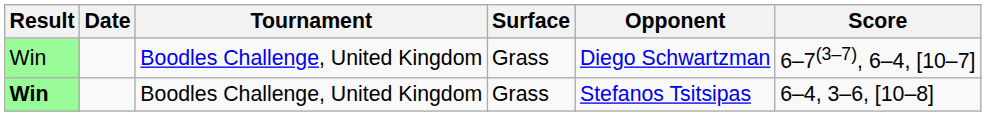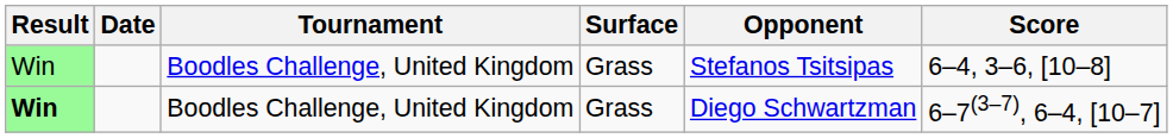 <table class="sortable wikitable">
 <tr>
 <th>Result</th>
 <th>Date</th>
 <th>Tournament</th>
 <th>Surface</th>
 <th>Opponent</th>
 <th class="unsortable">Score</th>
 </tr>
 <tr>
 <td bgcolor=98FB98>Win</td>
 <td></td>
 <td><a href='#'>Boodles Challenge</a>, United Kingdom</td>
 <td>Grass</td>
-<td> <a href='#'>Diego Schwartzman</a></td>
-<td>6–7<sup>(3–7)</sup>, 6–4, [10–7]</td>
+<td> <a href='#'>Stefanos Tsitsipas</a></td>
+<td>6–4, 3–6, [10–8]</td>
 </tr>
 <tr>
 <td bgcolor=98FB98><strong>Win</strong></td>
 <td></td>
 <td>Boodles Challenge, United Kingdom</td>
 <td>Grass</td>
-<td> <a href='#'>Stefanos Tsitsipas</a></td>
-<td>6–4, 3–6, [10–8]</td>
+<td> <a href='#'>Diego Schwartzman</a></td>
+<td>6–7<sup>(3–7)</sup>, 6–4, [10–7]</td>
 </tr>
 </table>
